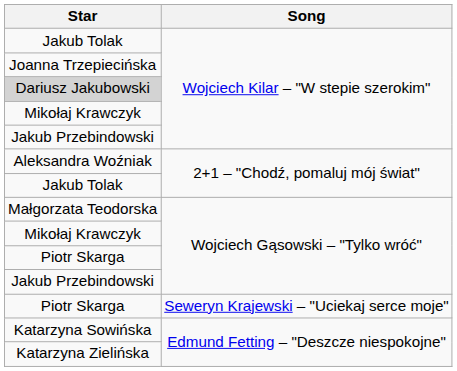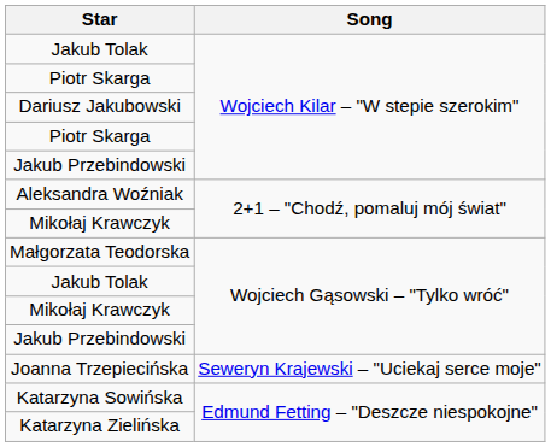 <table class="sortable wikitable">
 <tr>
 <th>Star</th>
 <th>Song</th>
 </tr>
 <tr -->
 <td align="center">Jakub Tolak</td>
 <td align="center" rowspan="5"><a href='#'>Wojciech Kilar</a> – "W stepie szerokim"</td>
 </tr>
 <tr -->
-<td align="center">Joanna Trzepiecińska</td>
+<td align="center">Piotr Skarga</td>
 </tr>
 <tr -->
-<td align="center" style="background: lightgrey;">Dariusz Jakubowski</td>
+<td align="center">Dariusz Jakubowski</td>
 </tr>
 <tr -->
-<td align="center">Mikołaj Krawczyk</td>
+<td align="center">Piotr Skarga</td>
 </tr>
 <tr -->
 <td align="center">Jakub Przebindowski</td>
 </tr>
 <tr -->
 <td align="center">Aleksandra Woźniak</td>
 <td align="center" rowspan="2">2+1 – "Chodź, pomaluj mój świat"</td>
 </tr>
 <tr -->
-<td align="center">Jakub Tolak</td>
+<td align="center">Mikołaj Krawczyk</td>
 </tr>
 <tr -->
 <td align="center">Małgorzata Teodorska</td>
 <td align="center" rowspan="4">Wojciech Gąsowski – "Tylko wróć"</td>
 </tr>
 <tr -->
-<td align="center">Mikołaj Krawczyk</td>
+<td align="center">Jakub Tolak</td>
 </tr>
 <tr -->
-<td align="center">Piotr Skarga</td>
+<td align="center">Mikołaj Krawczyk</td>
 </tr>
 <tr -->
 <td align="center">Jakub Przebindowski</td>
 </tr>
 <tr -->
-<td align="center">Piotr Skarga</td>
+<td align="center">Joanna Trzepiecińska</td>
 <td align="center"><a href='#'>Seweryn Krajewski</a> – "Uciekaj serce moje"</td>
 </tr>
 <tr -->
 <td align="center">Katarzyna Sowińska</td>
 <td align="center" rowspan="2"><a href='#'>Edmund Fetting</a> – "Deszcze niespokojne"</td>
 </tr>
 <tr -->
 <td align="center">Katarzyna Zielińska</td>
 </tr>
 </table>
